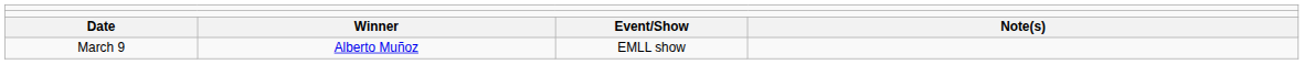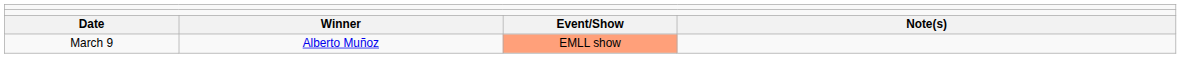 <table class="wikitable" style="text-align:center; width:100%;">
 <tr>
 <td colspan=5></td>
 </tr>
 <tr>
 <td colspan=5><strong></strong></td>
 </tr>
 <tr>
 <th width=14%>Date</th>
 <th width=26%>Winner</th>
 <th width=14%>Event/Show</th>
 <th width=40%>Note(s)</th>
 </tr>
 <tr>
 <td>March 9</td>
 <td><a href='#'>Alberto Muñoz</a></td>
-<td>EMLL show</td>
+<td style="background: lightsalmon;">EMLL show</td>
 <td align=left></td>
 </tr>
 </table>
